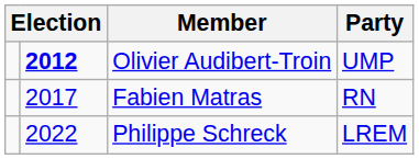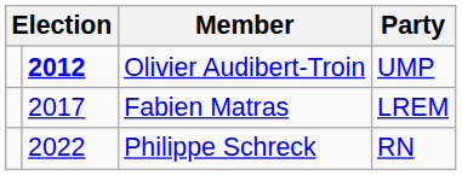 <table class="wikitable">
 <tr>
 <th colspan=2>Election</th>
 <th>Member</th>
 <th>Party</th>
 </tr>
 <tr>
 <td style="background-color: "></td>
 <td><strong><a href='#'>2012</a></strong></td>
 <td><a href='#'>Olivier Audibert-Troin</a></td>
 <td><a href='#'>UMP</a></td>
 </tr>
 <tr>
 <td style="background-color: "></td>
 <td><a href='#'>2017</a></td>
 <td><a href='#'>Fabien Matras</a></td>
-<td><a href='#'>RN</a></td>
+<td><a href='#'>LREM</a></td>
 </tr>
 <tr>
 <td style="background-color: "></td>
 <td><a href='#'>2022</a></td>
 <td><a href='#'>Philippe Schreck</a></td>
-<td><a href='#'>LREM</a></td>
+<td><a href='#'>RN</a></td>
 </tr>
 </table>
